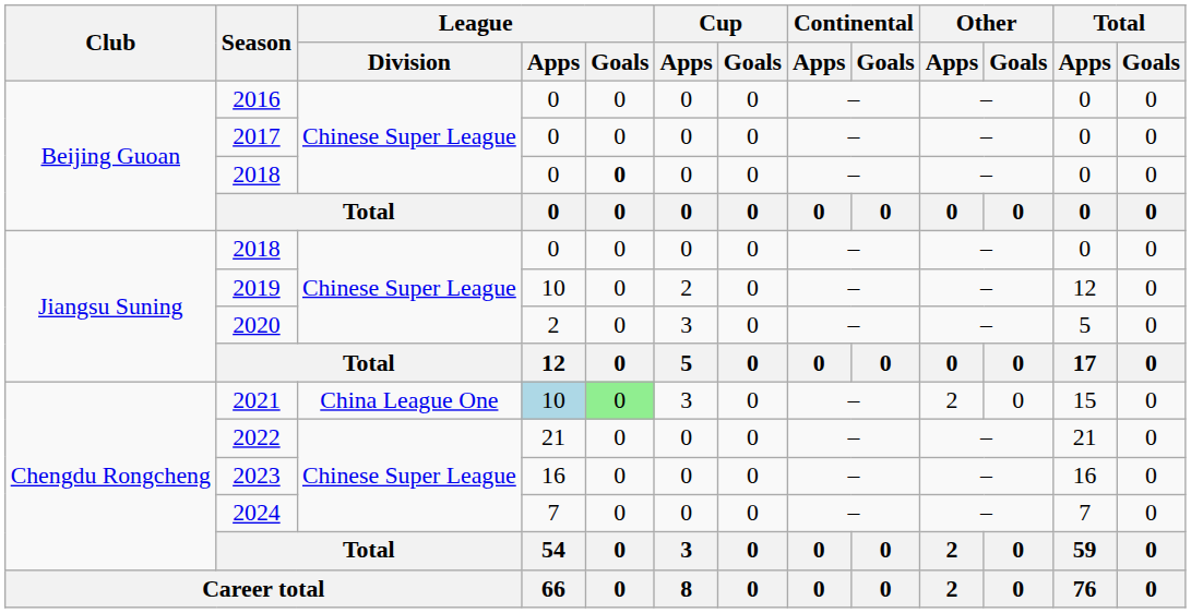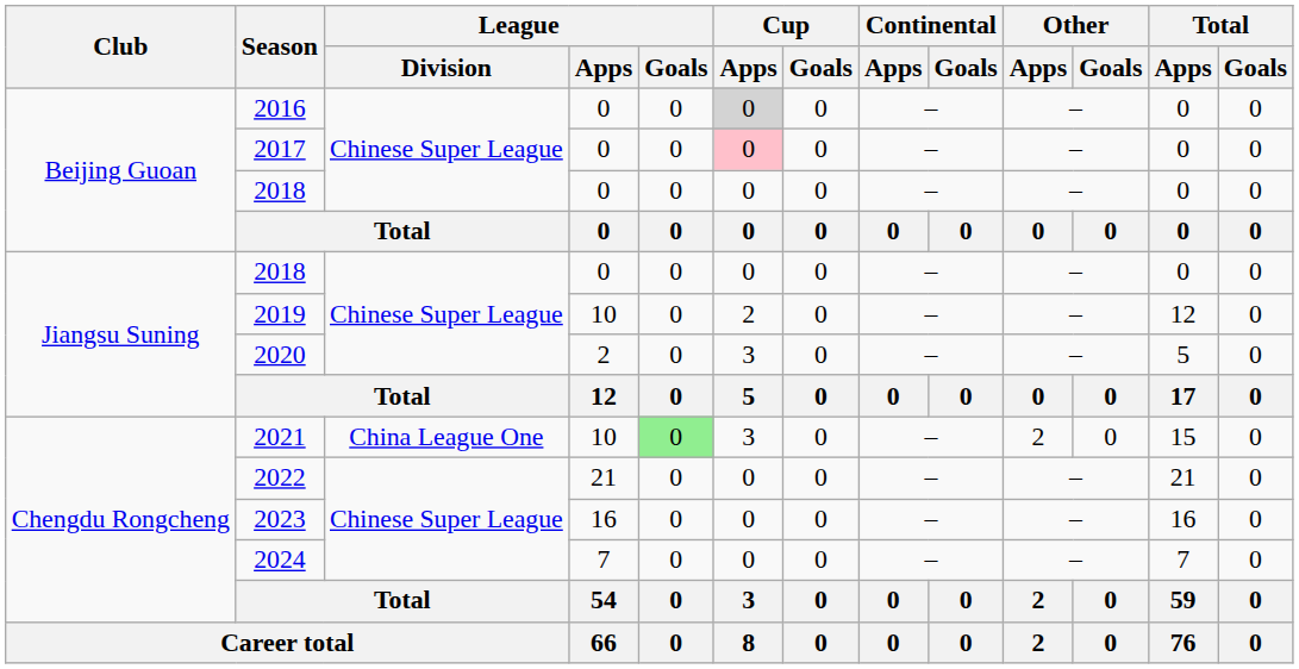 <table class="wikitable" style="text-align: center">
 <tr>
 <th rowspan="2">Club</th>
 <th rowspan="2">Season</th>
 <th colspan="3">League</th>
 <th colspan="2">Cup</th>
 <th colspan="2">Continental</th>
 <th colspan="2">Other</th>
 <th colspan="2">Total</th>
 </tr>
 <tr>
 <th>Division</th>
 <th>Apps</th>
 <th>Goals</th>
 <th>Apps</th>
 <th>Goals</th>
 <th>Apps</th>
 <th>Goals</th>
 <th>Apps</th>
 <th>Goals</th>
 <th>Apps</th>
 <th>Goals</th>
 </tr>
 <tr>
 <td rowspan="4"><a href='#'>Beijing Guoan</a></td>
 <td><a href='#'>2016</a></td>
 <td rowspan="3"><a href='#'>Chinese Super League</a></td>
 <td>0</td>
 <td>0</td>
-<td>0</td>
+<td style="background: lightgrey;">0</td>
 <td>0</td>
 <td colspan="2">–</td>
 <td colspan="2">–</td>
 <td>0</td>
 <td>0</td>
 </tr>
 <tr>
 <td><a href='#'>2017</a></td>
 <td>0</td>
 <td>0</td>
-<td>0</td>
+<td style="background: pink;">0</td>
 <td>0</td>
 <td colspan="2">–</td>
 <td colspan="2">–</td>
 <td>0</td>
 <td>0</td>
 </tr>
 <tr>
 <td><a href='#'>2018</a></td>
 <td>0</td>
-<td><strong>0</strong></td>
+<td>0</td>
 <td>0</td>
 <td>0</td>
 <td colspan="2">–</td>
 <td colspan="2">–</td>
 <td>0</td>
 <td>0</td>
 </tr>
 <tr>
 <th colspan=2>Total</th>
 <th>0</th>
 <th>0</th>
 <th>0</th>
 <th>0</th>
 <th>0</th>
 <th>0</th>
 <th>0</th>
 <th>0</th>
 <th>0</th>
 <th>0</th>
 </tr>
 <tr>
 <td rowspan=4><a href='#'>Jiangsu Suning</a></td>
 <td><a href='#'>2018</a></td>
 <td rowspan=3><a href='#'>Chinese Super League</a></td>
 <td>0</td>
 <td>0</td>
 <td>0</td>
 <td>0</td>
 <td colspan="2">–</td>
 <td colspan="2">–</td>
 <td>0</td>
 <td>0</td>
 </tr>
 <tr>
 <td><a href='#'>2019</a></td>
 <td>10</td>
 <td>0</td>
 <td>2</td>
 <td>0</td>
 <td colspan="2">–</td>
 <td colspan="2">–</td>
 <td>12</td>
 <td>0</td>
 </tr>
 <tr>
 <td><a href='#'>2020</a></td>
 <td>2</td>
 <td>0</td>
 <td>3</td>
 <td>0</td>
 <td colspan="2">–</td>
 <td colspan="2">–</td>
 <td>5</td>
 <td>0</td>
 </tr>
 <tr>
 <th colspan=2>Total</th>
 <th>12</th>
 <th>0</th>
 <th>5</th>
 <th>0</th>
 <th>0</th>
 <th>0</th>
 <th>0</th>
 <th>0</th>
 <th>17</th>
 <th>0</th>
 </tr>
 <tr>
 <td rowspan=5><a href='#'>Chengdu Rongcheng</a></td>
 <td><a href='#'>2021</a></td>
 <td><a href='#'>China League One</a></td>
-<td style="background: lightblue;">10</td>
+<td>10</td>
 <td style="background: lightgreen;">0</td>
 <td>3</td>
 <td>0</td>
 <td colspan="2">–</td>
 <td>2</td>
 <td>0</td>
 <td>15</td>
 <td>0</td>
 </tr>
 <tr>
 <td><a href='#'>2022</a></td>
 <td rowspan=3><a href='#'>Chinese Super League</a></td>
 <td>21</td>
 <td>0</td>
 <td>0</td>
 <td>0</td>
 <td colspan="2">–</td>
 <td colspan="2">–</td>
 <td>21</td>
 <td>0</td>
 </tr>
 <tr>
 <td><a href='#'>2023</a></td>
 <td>16</td>
 <td>0</td>
 <td>0</td>
 <td>0</td>
 <td colspan="2">–</td>
 <td colspan="2">–</td>
 <td>16</td>
 <td>0</td>
 </tr>
 <tr>
 <td><a href='#'>2024</a></td>
 <td>7</td>
 <td>0</td>
 <td>0</td>
 <td>0</td>
 <td colspan="2">–</td>
 <td colspan="2">–</td>
 <td>7</td>
 <td>0</td>
 </tr>
 <tr>
 <th colspan=2>Total</th>
 <th>54</th>
 <th>0</th>
 <th>3</th>
 <th>0</th>
 <th>0</th>
 <th>0</th>
 <th>2</th>
 <th>0</th>
 <th>59</th>
 <th>0</th>
 </tr>
 <tr>
 <th colspan=3>Career total</th>
 <th>66</th>
 <th>0</th>
 <th>8</th>
 <th>0</th>
 <th>0</th>
 <th>0</th>
 <th>2</th>
 <th>0</th>
 <th>76</th>
 <th>0</th>
 </tr>
 </table>
